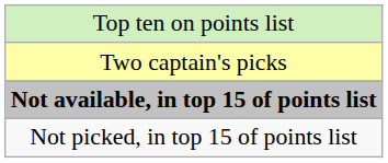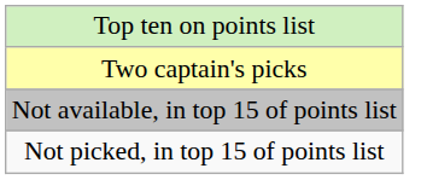 <table class=wikitable style="text-align:center">
 <tr style="background:#d0f0c0;">
 <td>Top ten on points list</td>
 </tr>
 <tr style="background:#ffa;">
 <td>Two captain's picks</td>
 </tr>
 <tr style="background:#c1c1c1;">
-<td><strong>Not available, in top 15 of points list</strong></td>
+<td>Not available, in top 15 of points list</td>
 </tr>
 <tr>
 <td>Not picked, in top 15 of points list</td>
 </tr>
 </table>
